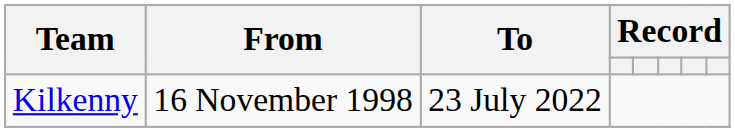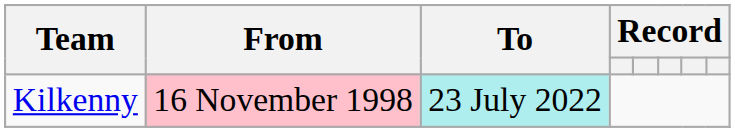 <table class=wikitable style="text-align: center">
 <tr>
 <th rowspan=2>Team</th>
 <th rowspan=2>From</th>
 <th rowspan=2>To</th>
 <th colspan=5>Record</th>
 </tr>
 <tr>
 <th></th>
 <th></th>
 <th></th>
 <th></th>
 <th></th>
 </tr>
 <tr>
 <td align=left><a href='#'>Kilkenny</a></td>
-<td align=left>16 November 1998</td>
-<td align=left>23 July 2022<br></td>
+<td align=left style="background: pink;">16 November 1998</td>
+<td align=left style="background: paleturquoise;">23 July 2022<br></td>
 </tr>
 </table>
